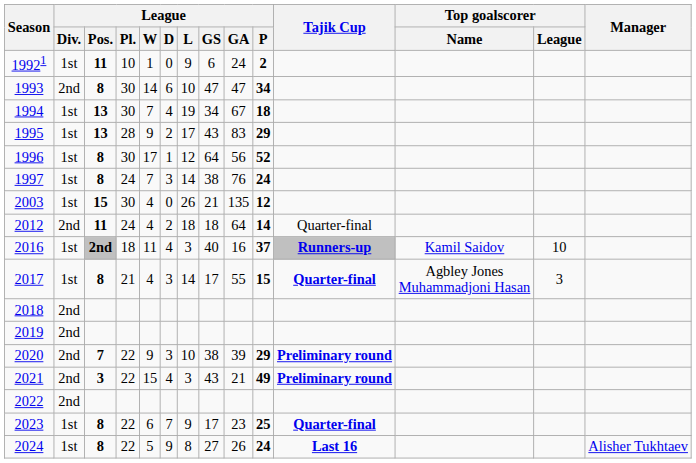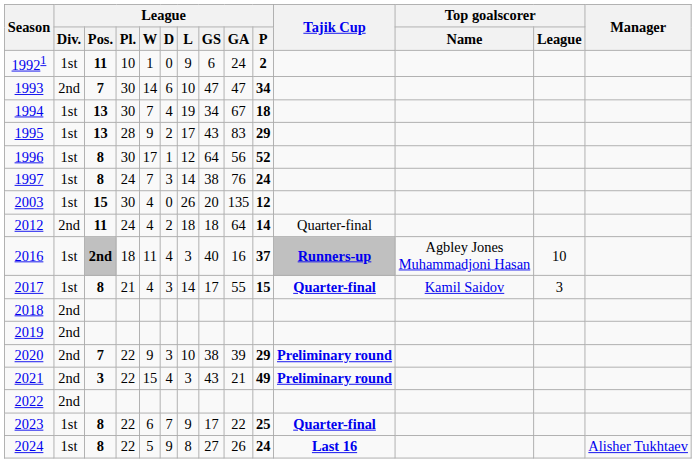 <table class="wikitable">
 <tr style="background:#efefef;">
 <th rowspan="2">Season</th>
 <th colspan="9">League</th>
 <th rowspan="2"><a href='#'>Tajik Cup</a></th>
 <th colspan="2">Top goalscorer</th>
 <th rowspan="2">Manager</th>
 </tr>
 <tr>
 <th>Div.</th>
 <th>Pos.</th>
 <th>Pl.</th>
 <th>W</th>
 <th>D</th>
 <th>L</th>
 <th>GS</th>
 <th>GA</th>
 <th>P</th>
 <th>Name</th>
 <th>League</th>
 </tr>
 <tr>
 <td align=center><a href='#'>1992</a><sup><a href='#'>1</a></sup></td>
 <td align=center>1st</td>
 <td align=center><strong>11</strong></td>
 <td align=center>10</td>
 <td align=center>1</td>
 <td align=center>0</td>
 <td align=center>9</td>
 <td align=center>6</td>
 <td align=center>24</td>
 <td align=center><strong>2</strong></td>
 <td align=center></td>
 <td align=center></td>
 <td align=center></td>
 <td align=center></td>
 </tr>
 <tr>
 <td align=center><a href='#'>1993</a></td>
 <td align=center>2nd</td>
-<td align=center><strong>8</strong></td>
+<td align=center><strong>7</strong></td>
 <td align=center>30</td>
 <td align=center>14</td>
 <td align=center>6</td>
 <td align=center>10</td>
 <td align=center>47</td>
 <td align=center>47</td>
 <td align=center><strong>34</strong></td>
 <td align=center></td>
 <td align=center></td>
 <td align=center></td>
 <td align=center></td>
 </tr>
 <tr>
 <td align=center><a href='#'>1994</a></td>
 <td align=center>1st</td>
 <td align=center><strong>13</strong></td>
 <td align=center>30</td>
 <td align=center>7</td>
 <td align=center>4</td>
 <td align=center>19</td>
 <td align=center>34</td>
 <td align=center>67</td>
 <td align=center><strong>18</strong></td>
 <td align=center></td>
 <td align=center></td>
 <td align=center></td>
 <td align=center></td>
 </tr>
 <tr>
 <td align=center><a href='#'>1995</a></td>
 <td align=center>1st</td>
 <td align=center><strong>13</strong></td>
 <td align=center>28</td>
 <td align=center>9</td>
 <td align=center>2</td>
 <td align=center>17</td>
 <td align=center>43</td>
 <td align=center>83</td>
 <td align=center><strong>29</strong></td>
 <td align=center></td>
 <td align=center></td>
 <td align=center></td>
 <td align=center></td>
 </tr>
 <tr>
 <td align=center><a href='#'>1996</a></td>
 <td align=center>1st</td>
 <td align=center><strong>8</strong></td>
 <td align=center>30</td>
 <td align=center>17</td>
 <td align=center>1</td>
 <td align=center>12</td>
 <td align=center>64</td>
 <td align=center>56</td>
 <td align=center><strong>52</strong></td>
 <td align=center></td>
 <td align=center></td>
 <td align=center></td>
 <td align=center></td>
 </tr>
 <tr>
 <td align=center><a href='#'>1997</a></td>
 <td align=center>1st</td>
 <td align=center><strong>8</strong></td>
 <td align=center>24</td>
 <td align=center>7</td>
 <td align=center>3</td>
 <td align=center>14</td>
 <td align=center>38</td>
 <td align=center>76</td>
 <td align=center><strong>24</strong></td>
 <td align=center></td>
 <td align=center></td>
 <td align=center></td>
 <td align=center></td>
 </tr>
 <tr>
 <td align=center><a href='#'>2003</a></td>
 <td align=center>1st</td>
 <td align=center><strong>15</strong></td>
 <td align=center>30</td>
 <td align=center>4</td>
 <td align=center>0</td>
 <td align=center>26</td>
-<td align=center>21</td>
+<td align=center>20</td>
 <td align=center>135</td>
 <td align=center><strong>12</strong></td>
 <td align=center></td>
 <td align=center></td>
 <td align=center></td>
 <td align=center></td>
 </tr>
 <tr>
 <td align=center><a href='#'>2012</a></td>
 <td align=center>2nd</td>
 <td align=center><strong>11</strong></td>
 <td align=center>24</td>
 <td align=center>4</td>
 <td align=center>2</td>
 <td align=center>18</td>
 <td align=center>18</td>
 <td align=center>64</td>
 <td align=center><strong>14</strong></td>
 <td align=center>Quarter-final</td>
 <td align=center></td>
 <td align=center></td>
 <td align=center></td>
 </tr>
 <tr>
 <td align=center><a href='#'>2016</a></td>
 <td align=center>1st</td>
 <td style="text-align:center; background:silver;"><strong>2nd</strong></td>
 <td align=center>18</td>
 <td align=center>11</td>
 <td align=center>4</td>
 <td align=center>3</td>
 <td align=center>40</td>
 <td align=center>16</td>
 <td align=center><strong>37</strong></td>
 <td style="text-align:center; background:silver;"><strong><a href='#'>Runners-up</a></strong></td>
-<td align=center><a href='#'>Kamil Saidov</a></td>
+<td align=center>Agbley Jones <br> <a href='#'>Muhammadjoni Hasan</a></td>
 <td align=center>10</td>
 <td align=center></td>
 </tr>
 <tr>
 <td align=center><a href='#'>2017</a></td>
 <td align=center>1st</td>
 <td align=center><strong>8</strong></td>
 <td align=center>21</td>
 <td align=center>4</td>
 <td align=center>3</td>
 <td align=center>14</td>
 <td align=center>17</td>
 <td align=center>55</td>
 <td align=center><strong>15</strong></td>
 <td style="text-align:center"><strong><a href='#'>Quarter-final</a></strong></td>
-<td align=center>Agbley Jones <br> <a href='#'>Muhammadjoni Hasan</a></td>
+<td align=center><a href='#'>Kamil Saidov</a></td>
 <td align=center>3</td>
 <td align=center></td>
 </tr>
 <tr>
 <td align=center><a href='#'>2018</a></td>
 <td align=center>2nd</td>
 <td align=center><strong> </strong></td>
 <td align=center></td>
 <td align=center></td>
 <td align=center></td>
 <td align=center></td>
 <td align=center></td>
 <td align=center></td>
 <td align=center><strong> </strong></td>
 <td style="text-align:center"><strong><a href='#'></a></strong></td>
 <td align=center></td>
 <td align=center></td>
 <td align=center></td>
 </tr>
 <tr>
 <td align=center><a href='#'>2019</a></td>
 <td align=center>2nd</td>
 <td align=center><strong> </strong></td>
 <td align=center></td>
 <td align=center></td>
 <td align=center></td>
 <td align=center></td>
 <td align=center></td>
 <td align=center></td>
 <td align=center><strong> </strong></td>
 <td style="text-align:center"><strong><a href='#'></a></strong></td>
 <td align=center></td>
 <td align=center></td>
 <td align=center></td>
 </tr>
 <tr>
 <td align=center><a href='#'>2020</a></td>
 <td align=center>2nd</td>
 <td align=center><strong>7</strong></td>
 <td align=center>22</td>
 <td align=center>9</td>
 <td align=center>3</td>
 <td align=center>10</td>
 <td align=center>38</td>
 <td align=center>39</td>
 <td align=center><strong>29</strong></td>
 <td style="text-align:center"><strong><a href='#'>Preliminary round</a></strong></td>
 <td align=center></td>
 <td align=center></td>
 <td align=center></td>
 </tr>
 <tr>
 <td align=center><a href='#'>2021</a></td>
 <td align=center>2nd</td>
 <td align=center><strong>3</strong></td>
 <td align=center>22</td>
 <td align=center>15</td>
 <td align=center>4</td>
 <td align=center>3</td>
 <td align=center>43</td>
 <td align=center>21</td>
 <td align=center><strong>49</strong></td>
 <td style="text-align:center"><strong><a href='#'>Preliminary round</a></strong></td>
 <td align=center></td>
 <td align=center></td>
 <td align=center></td>
 </tr>
 <tr>
 <td align=center><a href='#'>2022</a></td>
 <td align=center>2nd</td>
 <td align=center><strong> </strong></td>
 <td align=center></td>
 <td align=center></td>
 <td align=center></td>
 <td align=center></td>
 <td align=center></td>
 <td align=center></td>
 <td align=center><strong> </strong></td>
 <td style="text-align:center"><strong><a href='#'></a></strong></td>
 <td align=center></td>
 <td align=center></td>
 <td align=center></td>
 </tr>
 <tr>
 <td align=center><a href='#'>2023</a></td>
 <td align=center>1st</td>
 <td align=center><strong>8</strong></td>
 <td align=center>22</td>
 <td align=center>6</td>
 <td align=center>7</td>
 <td align=center>9</td>
 <td align=center>17</td>
-<td align=center>23</td>
+<td align=center>22</td>
 <td align=center><strong>25</strong></td>
 <td style="text-align:center"><strong><a href='#'>Quarter-final</a></strong></td>
 <td align=center></td>
 <td align=center></td>
 <td align=center></td>
 </tr>
 <tr>
 <td align=center><a href='#'>2024</a></td>
 <td align=center>1st</td>
 <td align=center><strong>8</strong></td>
 <td align=center>22</td>
 <td align=center>5</td>
 <td align=center>9</td>
 <td align=center>8</td>
 <td align=center>27</td>
 <td align=center>26</td>
 <td align=center><strong>24</strong></td>
 <td style="text-align:center"><strong><a href='#'>Last 16</a></strong></td>
 <td align=center></td>
 <td align=center></td>
 <td align=center><a href='#'>Alisher Tukhtaev</a></td>
 </tr>
 </table>
